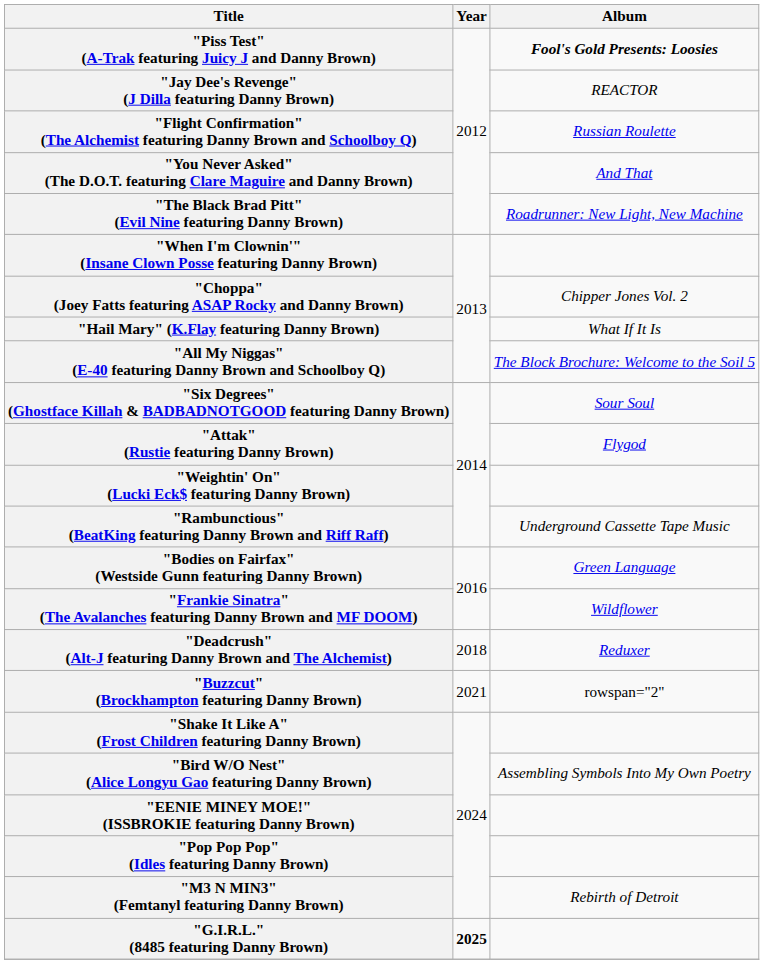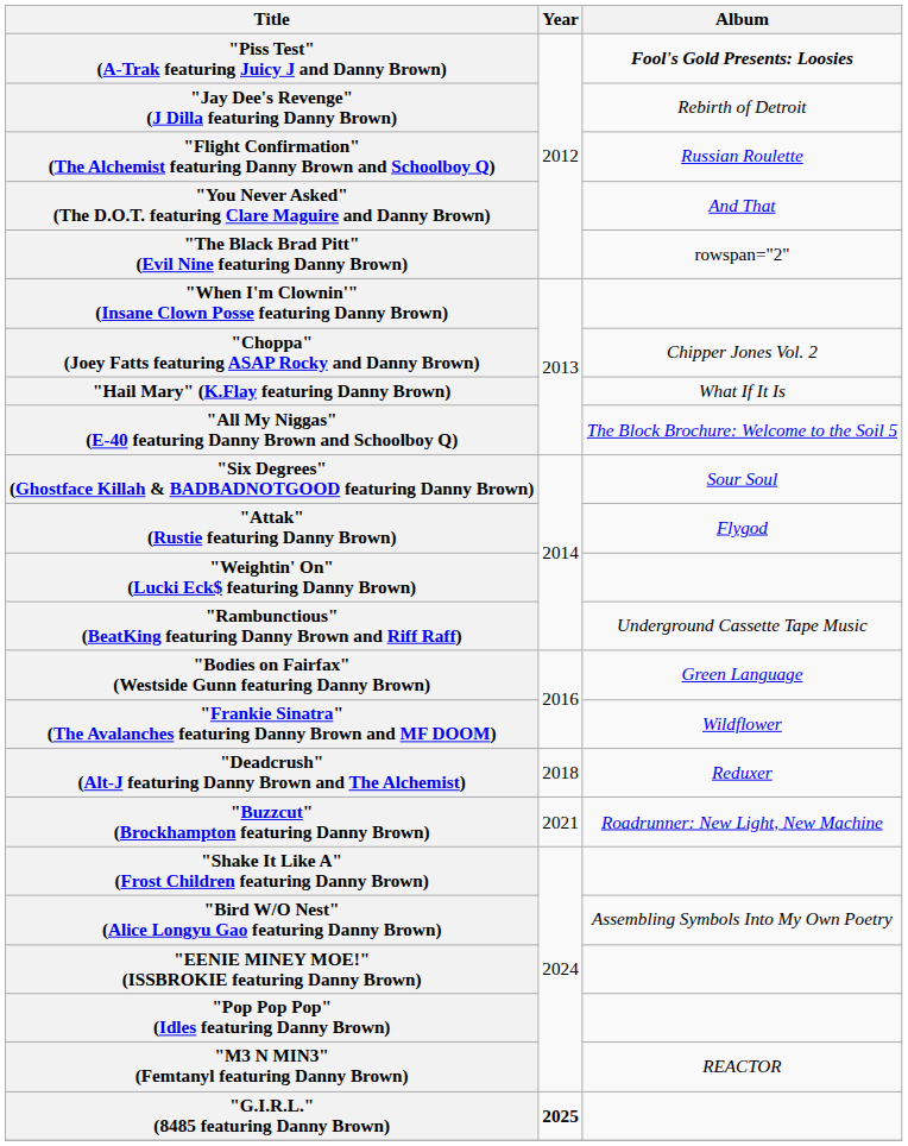 <table class="wikitable plainrowheaders" style="text-align:center;">
 <tr>
 <th scope="col">Title</th>
 <th scope="col">Year</th>
 <th scope="col">Album</th>
 </tr>
 <tr>
 <th scope="row">"Piss Test"<br><span>(<a href='#'>A-Trak</a> featuring <a href='#'>Juicy J</a> and Danny Brown)</span></th>
 <td rowspan="5">2012</td>
 <td><strong><em>Fool's Gold Presents: Loosies</em></strong></td>
 </tr>
 <tr>
 <th scope="row">"Jay Dee's Revenge"<br><span>(<a href='#'>J Dilla</a> featuring Danny Brown)</span></th>
-<td><em>REACTOR</em></td>
+<td><em>Rebirth of Detroit</em></td>
 </tr>
 <tr>
 <th scope="row">"Flight Confirmation"<br><span>(<a href='#'>The Alchemist</a> featuring Danny Brown and <a href='#'>Schoolboy Q</a>)</span></th>
 <td><em><a href='#'>Russian Roulette</a></em></td>
 </tr>
 <tr>
 <th scope="row">"You Never Asked"<br><span>(The D.O.T. featuring <a href='#'>Clare Maguire</a> and Danny Brown)</span></th>
 <td><em><a href='#'>And That</a></em></td>
 </tr>
 <tr>
 <th scope="row">"The Black Brad Pitt"<br><span>(<a href='#'>Evil Nine</a> featuring Danny Brown)</span></th>
-<td><em><a href='#'>Roadrunner: New Light, New Machine</a></em></td>
+<td>rowspan="2" </td>
 </tr>
 <tr>
 <th scope="row">"When I'm Clownin'"<br><span>(<a href='#'>Insane Clown Posse</a> featuring Danny Brown)</span></th>
 <td rowspan="4">2013</td>
 </tr>
 <tr>
 <th scope="row">"Choppa"<br><span>(Joey Fatts featuring <a href='#'>ASAP Rocky</a> and Danny Brown)</span></th>
 <td><em>Chipper Jones Vol. 2</em></td>
 </tr>
 <tr>
 <th scope="row">"Hail Mary" <span>(<a href='#'>K.Flay</a> featuring Danny Brown)</span></th>
 <td><em>What If It Is</em></td>
 </tr>
 <tr>
 <th scope="row">"All My Niggas"<br><span>(<a href='#'>E-40</a> featuring Danny Brown and Schoolboy Q)</span></th>
 <td><em><a href='#'>The Block Brochure: Welcome to the Soil 5</a></em></td>
 </tr>
 <tr>
 <th scope="row">"Six Degrees"<br><span>(<a href='#'>Ghostface Killah</a> & <a href='#'>BADBADNOTGOOD</a> featuring Danny Brown)</span></th>
 <td rowspan="4">2014</td>
 <td><em><a href='#'>Sour Soul</a></em></td>
 </tr>
 <tr>
 <th scope="row">"Attak"<br><span>(<a href='#'>Rustie</a> featuring Danny Brown)</span></th>
 <td><em><a href='#'>Flygod</a></em></td>
 </tr>
 <tr>
 <th scope="row">"Weightin' On"<br><span>(<a href='#'>Lucki Eck$</a> featuring Danny Brown)</span></th>
 <td></td>
 </tr>
 <tr>
 <th scope="row">"Rambunctious"<br><span>(<a href='#'>BeatKing</a> featuring Danny Brown and <a href='#'>Riff Raff</a>)</span></th>
 <td><em>Underground Cassette Tape Music</em></td>
 </tr>
 <tr>
 <th scope="row">"Bodies on Fairfax"<br><span>(Westside Gunn featuring Danny Brown)</span></th>
 <td rowspan="2">2016</td>
 <td><em><a href='#'>Green Language</a></em></td>
 </tr>
 <tr>
 <th scope="row">"<a href='#'>Frankie Sinatra</a>"<br><span>(<a href='#'>The Avalanches</a> featuring Danny Brown and <a href='#'>MF DOOM</a>)</span></th>
 <td><em><a href='#'>Wildflower</a></em></td>
 </tr>
 <tr>
 <th scope="row">"Deadcrush"<br><span>(<a href='#'>Alt-J</a> featuring Danny Brown and <a href='#'>The Alchemist</a>)</span></th>
 <td>2018</td>
 <td><em><a href='#'>Reduxer</a></em></td>
 </tr>
 <tr>
 <th scope="row">"<a href='#'>Buzzcut</a>"<br><span>(<a href='#'>Brockhampton</a> featuring Danny Brown)</span></th>
 <td>2021</td>
-<td>rowspan="2" </td>
+<td><em><a href='#'>Roadrunner: New Light, New Machine</a></em></td>
 </tr>
 <tr>
 <th scope="row">"Shake It Like A"<br><span>(<a href='#'>Frost Children</a> featuring Danny Brown)</span></th>
 <td rowspan="5">2024</td>
 <td></td>
 </tr>
 <tr>
 <th scope="row">"Bird W/O Nest"<br><span>(<a href='#'>Alice Longyu Gao</a> featuring Danny Brown)</span></th>
 <td><em>Assembling Symbols Into My Own Poetry</em></td>
 </tr>
 <tr>
 <th scope="row">"EENIE MINEY MOE!"<br><span>(ISSBROKIE featuring Danny Brown)</span></th>
 <td></td>
 </tr>
 <tr>
 <th scope="row">"Pop Pop Pop"<br><span>(<a href='#'>Idles</a> featuring Danny Brown)</span></th>
 <td></td>
 </tr>
 <tr>
 <th scope="row">"M3 N MIN3"<br><span>(Femtanyl featuring Danny Brown)</span></th>
-<td><em>Rebirth of Detroit</em></td>
+<td><em>REACTOR</em></td>
 </tr>
 <tr>
 <th scope="row">"G.I.R.L."<br><span>(8485 featuring Danny Brown)</span></th>
 <td><strong>2025</strong></td>
 <td></td>
 </tr>
 <tr>
 </tr>
 </table>
